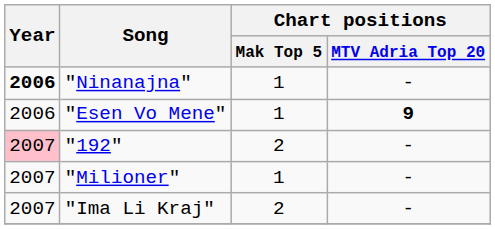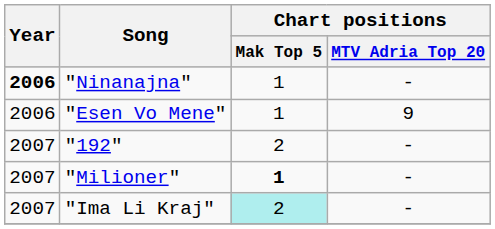 <table class="wikitable">
 <tr>
 <th rowspan="2">Year</th>
 <th rowspan="2">Song</th>
 <th colspan="3">Chart positions</th>
 </tr>
 <tr>
 <th><small>Mak Top 5</small></th>
 <th><small><a href='#'>MTV Adria Top 20</a></small></th>
 </tr>
 <tr>
 <td><strong>2006</strong></td>
 <td>"<a href='#'>Ninanajna</a>"</td>
 <td align="center">1</td>
 <td align="center">-</td>
 </tr>
 <tr>
 <td>2006</td>
 <td>"<a href='#'>Esen Vo Mene</a>"</td>
 <td align="center">1</td>
-<td align="center"><strong>9</strong></td>
+<td align="center">9</td>
 </tr>
 <tr>
-<td style="background: pink;">2007</td>
+<td>2007</td>
 <td>"<a href='#'>192</a>"</td>
 <td align="center">2</td>
 <td align="center">-</td>
 </tr>
 <tr>
 <td>2007</td>
 <td>"<a href='#'>Milioner</a>"</td>
-<td align="center">1</td>
+<td align="center"><strong>1</strong></td>
 <td align="center">-</td>
 </tr>
 <tr>
 <td>2007</td>
 <td>"Ima Li Kraj"</td>
-<td align="center">2</td>
+<td align="center" style="background: paleturquoise;">2</td>
 <td align="center">-</td>
 </tr>
 <tr>
 </tr>
 </table>
